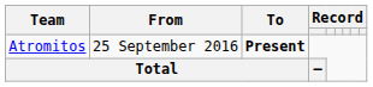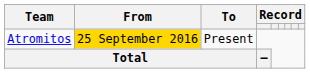 <table class="wikitable" style="text-align: center">
 <tr>
 <th rowspan="2">Team</th>
 <th rowspan="2">From</th>
 <th rowspan="2">To</th>
 <th colspan="9">Record</th>
 </tr>
 <tr>
 <th></th>
 <th></th>
 <th></th>
 <th></th>
 <th></th>
 <th></th>
 </tr>
 <tr>
 <td><a href='#'>Atromitos</a></td>
-<td>25 September 2016</td>
-<td><strong>Present<br></strong></td>
+<td style="background: gold;">25 September 2016</td>
+<td>Present<br></td>
 </tr>
 <tr>
 <th colspan=3>Total<br></th>
 <th>—</th>
 </tr>
 </table>
